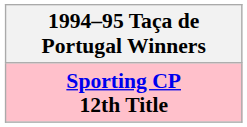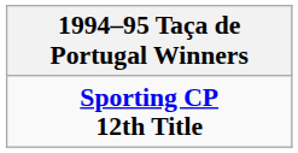 <table class="wikitable" style="text-align: center; margin: 0 auto; width: 20%">
 <tr>
 <th>1994–95 Taça de Portugal Winners</th>
 </tr>
 <tr>
-<td style="background: pink;"><strong><a href='#'>Sporting CP</a></strong><br><strong>12th Title</strong></td>
+<td><strong><a href='#'>Sporting CP</a></strong><br><strong>12th Title</strong></td>
 </tr>
 </table>
